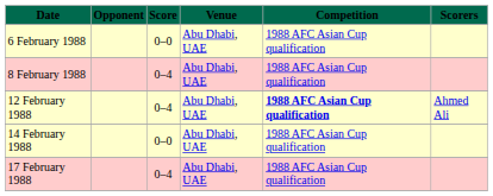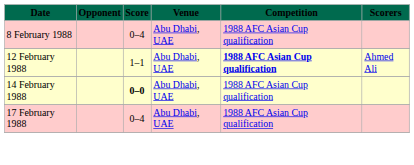 <table class="wikitable" width=100% style="text-align:left;font-size:95%;">
 <tr>
 <th style="background:#006a4e;"><span>Date</span></th>
 <th style="background:#006a4e;"><span>Opponent</span></th>
 <th style="background:#006a4e;"><span>Score</span></th>
 <th style="background:#006a4e;"><span>Venue</span></th>
 <th style="background:#006a4e;"><span>Competition</span></th>
 <th style="background:#006a4e;"><span>Scorers</span></th>
 </tr>
 <tr>
-</tr>
-<tr style="background:#ffc;">
-<td>6 February 1988</td>
-<td></td>
-<td style="text-align: center">0–0</td>
-<td> <a href='#'>Abu Dhabi</a>, <a href='#'>UAE</a></td>
-<td><a href='#'>1988 AFC Asian Cup qualification</a></td>
-<td></td>
 </tr>
 <tr>
 </tr>
 <tr style="background:#fcc;">
 <td>8 February 1988</td>
 <td></td>
 <td style="text-align: center">0–4</td>
 <td> <a href='#'>Abu Dhabi</a>, <a href='#'>UAE</a></td>
 <td><a href='#'>1988 AFC Asian Cup qualification</a></td>
 <td></td>
 </tr>
 <tr>
 </tr>
 <tr style="background:#ffc;">
 <td>12 February 1988</td>
 <td></td>
-<td style="text-align: center">0–4</td>
+<td style="text-align: center">1–1</td>
 <td> <a href='#'>Abu Dhabi</a>, <a href='#'>UAE</a></td>
 <td><strong><a href='#'>1988 AFC Asian Cup qualification</a></strong></td>
 <td><a href='#'>Ahmed Ali</a> </td>
 </tr>
 <tr>
 </tr>
 <tr style="background:#ffc;">
 <td>14 February 1988</td>
 <td></td>
-<td style="text-align: center">0–0</td>
+<td style="text-align: center"><strong>0–0</strong></td>
 <td> <a href='#'>Abu Dhabi</a>, <a href='#'>UAE</a></td>
 <td><a href='#'>1988 AFC Asian Cup qualification</a></td>
 <td></td>
 </tr>
 <tr>
 </tr>
 <tr style="background:#fcc;">
 <td>17 February 1988</td>
 <td></td>
 <td style="text-align: center">0–4</td>
 <td> <a href='#'>Abu Dhabi</a>, <a href='#'>UAE</a></td>
 <td><a href='#'>1988 AFC Asian Cup qualification</a></td>
 <td></td>
 </tr>
 <tr>
 </tr>
 </table>
